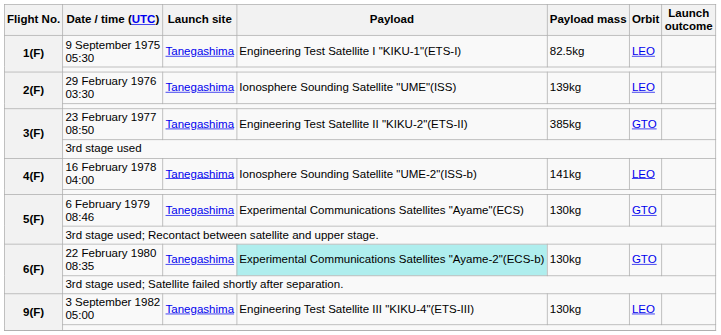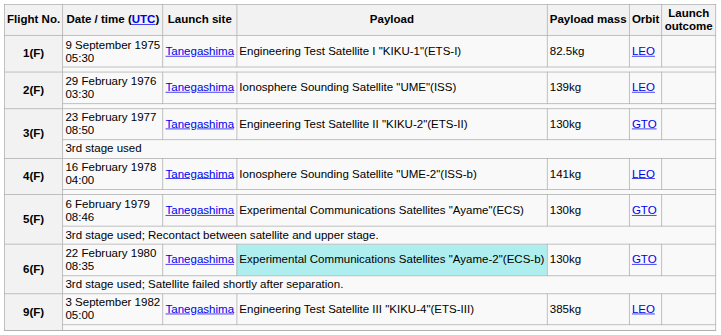 <table class="wikitable plainrowheaders">
 <tr>
 <th scope="col">Flight No.</th>
 <th scope="col">Date / time (<a href='#'>UTC</a>)</th>
 <th scope="col">Launch site</th>
 <th scope="col">Payload</th>
 <th scope="col">Payload mass</th>
 <th scope="col">Orbit</th>
 <th scope="col">Launch <br> outcome</th>
 </tr>
 <tr>
 <th scope="row" rowspan=2 style="text-align:center;">1(F)</th>
 <td>9 September 1975<br>05:30</td>
 <td><a href='#'>Tanegashima</a></td>
 <td>Engineering Test Satellite I "KIKU-1"(ETS-I)</td>
 <td>82.5kg</td>
 <td><a href='#'>LEO</a></td>
 <td></td>
 </tr>
 <tr>
 <td colspan="6"></td>
 </tr>
 <tr>
 <th scope="row" rowspan=2 style="text-align:center;">2(F)</th>
 <td>29 February 1976<br>03:30</td>
 <td><a href='#'>Tanegashima</a></td>
 <td>Ionosphere Sounding Satellite "UME"(ISS)</td>
 <td>139kg</td>
 <td><a href='#'>LEO</a></td>
 <td></td>
 </tr>
 <tr>
 <td colspan="6"></td>
 </tr>
 <tr>
 <th scope="row" rowspan=2 style="text-align:center;">3(F)</th>
 <td>23 February 1977<br>08:50</td>
 <td><a href='#'>Tanegashima</a></td>
 <td>Engineering Test Satellite II "KIKU-2"(ETS-II)</td>
-<td>385kg</td>
+<td>130kg</td>
 <td><a href='#'>GTO</a></td>
 <td></td>
 </tr>
 <tr>
 <td colspan="6">3rd stage used</td>
 </tr>
 <tr>
 <th scope="row" rowspan=2 style="text-align:center;">4(F)</th>
 <td>16 February 1978<br>04:00</td>
 <td><a href='#'>Tanegashima</a></td>
 <td>Ionosphere Sounding Satellite "UME-2"(ISS-b)</td>
 <td>141kg</td>
 <td><a href='#'>LEO</a></td>
 <td></td>
 </tr>
 <tr>
 <td colspan="6"></td>
 </tr>
 <tr>
 <th scope="row" rowspan=2 style="text-align:center;">5(F)</th>
 <td>6 February 1979<br>08:46</td>
 <td><a href='#'>Tanegashima</a></td>
 <td>Experimental Communications Satellites "Ayame"(ECS)</td>
 <td>130kg</td>
 <td><a href='#'>GTO</a></td>
 <td></td>
 </tr>
 <tr>
 <td colspan="6">3rd stage used; Recontact between satellite and upper stage.</td>
 </tr>
 <tr>
 <th scope="row" rowspan=2 style="text-align:center;">6(F)</th>
 <td>22 February 1980<br>08:35</td>
 <td><a href='#'>Tanegashima</a></td>
 <td style="background: paleturquoise;">Experimental Communications Satellites "Ayame-2"(ECS-b)</td>
 <td>130kg</td>
 <td><a href='#'>GTO</a></td>
 <td></td>
 </tr>
 <tr>
 <td colspan="6">3rd stage used; Satellite failed shortly after separation.</td>
 </tr>
 <tr>
 <th scope="row" rowspan=2 style="text-align:center;">9(F)</th>
 <td>3 September 1982<br>05:00</td>
 <td><a href='#'>Tanegashima</a></td>
 <td>Engineering Test Satellite III "KIKU-4"(ETS-III)</td>
-<td>130kg</td>
+<td>385kg</td>
 <td><a href='#'>LEO</a></td>
 <td></td>
 </tr>
 <tr>
 <td colspan="6"></td>
 </tr>
 <tr>
 </tr>
 </table>
